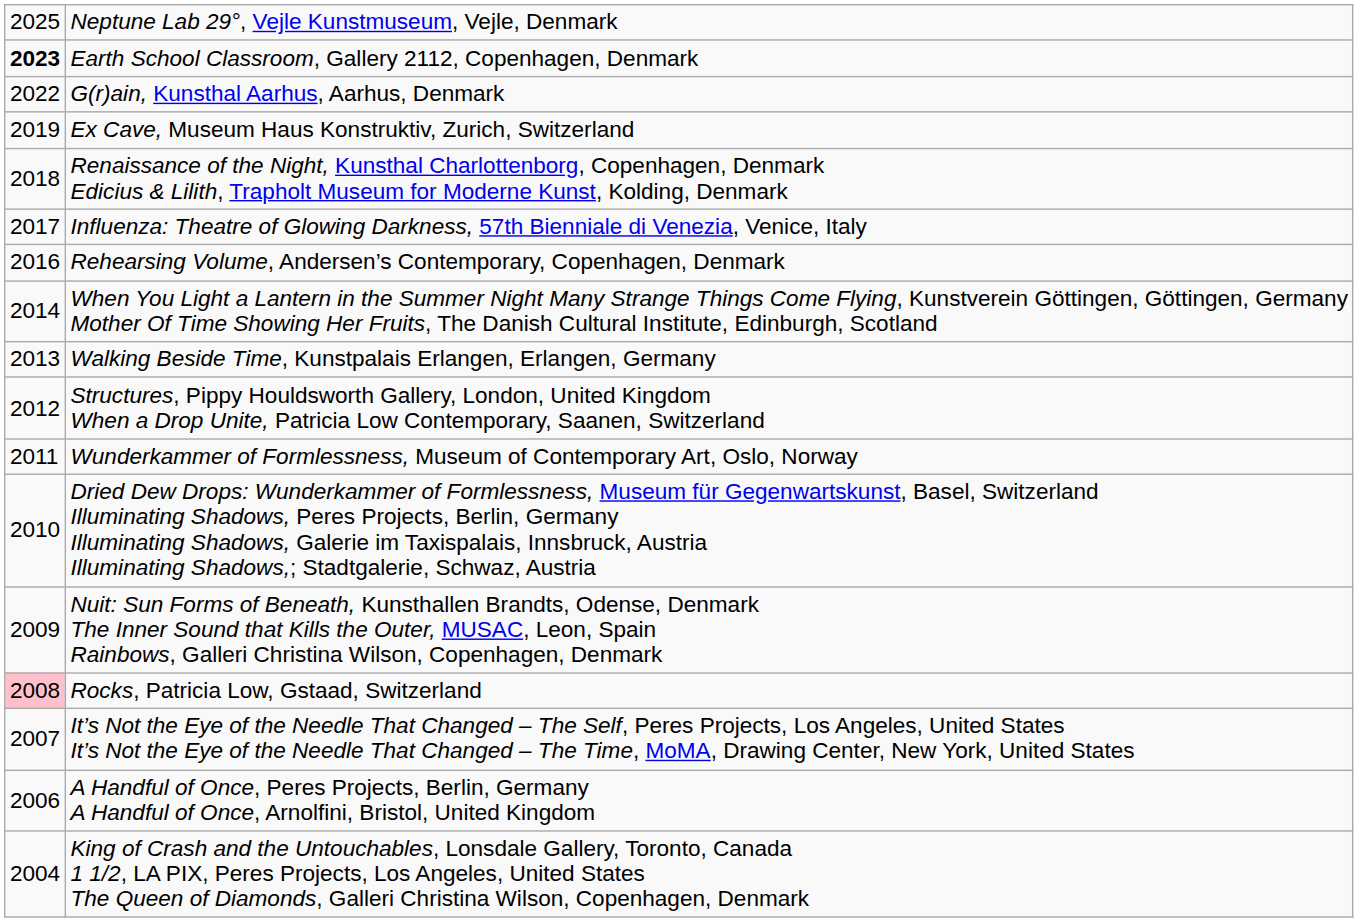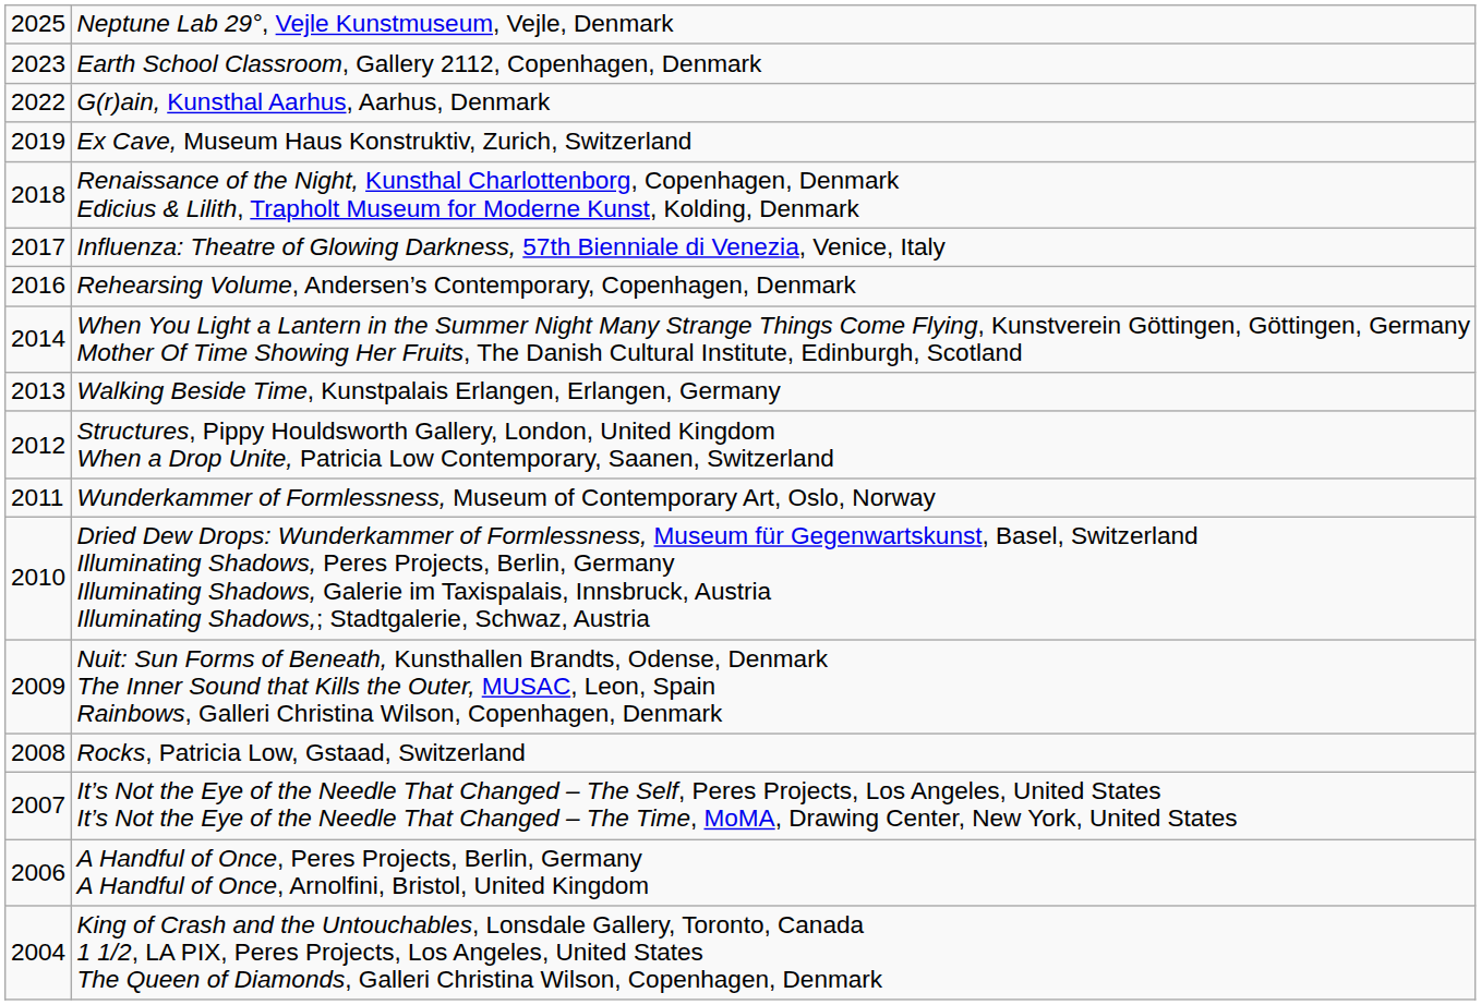 <table class="wikitable">
 <tr>
 <td>2025</td>
 <td><em>Neptune Lab 29°</em>, <a href='#'>Vejle Kunstmuseum</a>, Vejle, Denmark</td>
 </tr>
 <tr>
-<td><strong>2023</strong></td>
+<td>2023</td>
 <td><em>Earth School Classroom</em>, Gallery 2112, Copenhagen, Denmark</td>
 </tr>
 <tr>
 <td>2022</td>
 <td><em>G(r)ain,</em> <a href='#'>Kunsthal Aarhus</a>, Aarhus, Denmark</td>
 </tr>
 <tr>
 <td>2019</td>
 <td><em>Ex Cave,</em> Museum Haus Konstruktiv, Zurich, Switzerland</td>
 </tr>
 <tr>
 <td>2018</td>
 <td><em>Renaissance of the Night,</em> <a href='#'>Kunsthal Charlottenborg</a>, Copenhagen, Denmark<br><em>Edicius & Lilith</em>, <a href='#'>Trapholt Museum for Moderne Kunst</a>, Kolding, Denmark</td>
 </tr>
 <tr>
 <td>2017</td>
 <td><em>Influenza: Theatre of Glowing Darkness,</em> <a href='#'>57th Bienniale di Venezia</a>, Venice, Italy</td>
 </tr>
 <tr>
 <td>2016</td>
 <td><em>Rehearsing Volume</em>, Andersen’s Contemporary, Copenhagen, Denmark</td>
 </tr>
 <tr>
 <td>2014</td>
 <td><em>When You Light a Lantern in the Summer Night Many Strange Things Come Flying</em>, Kunstverein Göttingen, Göttingen, Germany<br><em>Mother Of Time Showing Her Fruits</em>, The Danish Cultural Institute, Edinburgh, Scotland</td>
 </tr>
 <tr>
 <td>2013</td>
 <td><em>Walking Beside Time</em>, Kunstpalais Erlangen, Erlangen, Germany</td>
 </tr>
 <tr>
 <td>2012</td>
 <td><em>Structures</em>, Pippy Houldsworth Gallery, London, United Kingdom<br><em>When a Drop Unite,</em> Patricia Low Contemporary, Saanen, Switzerland</td>
 </tr>
 <tr>
 <td>2011</td>
 <td><em>Wunderkammer of Formlessness,</em> Museum of Contemporary Art, Oslo, Norway</td>
 </tr>
 <tr>
 <td>2010</td>
 <td><em>Dried Dew Drops: Wunderkammer of Formlessness,</em> <a href='#'>Museum für Gegenwartskunst</a>, Basel, Switzerland<br><em>Illuminating Shadows,</em> Peres Projects, Berlin, Germany<br><em>Illuminating Shadows,</em> Galerie im Taxispalais, Innsbruck, Austria<br><em>Illuminating Shadows,</em>; Stadtgalerie, Schwaz, Austria</td>
 </tr>
 <tr>
 <td>2009</td>
 <td><em>Nuit: Sun Forms of Beneath,</em> Kunsthallen Brandts, Odense, Denmark<br><em>The Inner Sound that Kills the Outer,</em> <a href='#'>MUSAC</a>, Leon, Spain<br><em>Rainbows</em>, Galleri Christina Wilson, Copenhagen, Denmark</td>
 </tr>
 <tr>
-<td style="background: pink;">2008</td>
+<td>2008</td>
 <td><em>Rocks</em>, Patricia Low, Gstaad, Switzerland</td>
 </tr>
 <tr>
 <td>2007</td>
 <td><em>It’s Not the Eye of the Needle That Changed – The Self</em>, Peres Projects, Los Angeles, United States<br><em>It’s Not the Eye of the Needle That Changed – The Time</em>, <a href='#'>MoMA</a>, Drawing Center, New York, United States</td>
 </tr>
 <tr>
 <td>2006</td>
 <td><em>A Handful of Once</em>, Peres Projects, Berlin, Germany<br><em>A Handful of Once</em>, Arnolfini, Bristol, United Kingdom</td>
 </tr>
 <tr>
 <td>2004</td>
 <td><em>King of Crash and the Untouchables</em>, Lonsdale Gallery, Toronto, Canada<br><em>1 1/2</em>, LA PIX, Peres Projects, Los Angeles, United States<br><em>The Queen of Diamonds</em>, Galleri Christina Wilson, Copenhagen, Denmark</td>
 </tr>
 </table>
